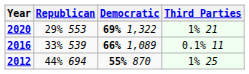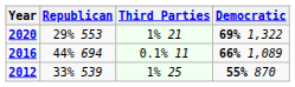 <table class="wikitable" style="float:right; font-size:95%;">
 <tr bgcolor=lightgrey>
 <th>Year</th>
 <th><a href='#'>Republican</a></th>
+<th><a href='#'>Third Parties</a></th>
 <th><a href='#'>Democratic</a></th>
-<th><a href='#'>Third Parties</a></th>
 </tr>
 <tr>
 <td style="text-align:center; "><strong><a href='#'>2020</a></strong></td>
 <td style="text-align:center; ">29% <em>553</em></td>
+<td style="text-align:center; background:honeyDew;">1% <em>21</em></td>
 <td style="text-align:center; "><strong>69%</strong> <em>1,322</em></td>
-<td style="text-align:center; background:honeyDew;">1% <em>21</em></td>
 </tr>
 <tr>
 <td style="text-align:center; "><strong><a href='#'>2016</a></strong></td>
-<td style="text-align:center; ">33% <em>539</em></td>
+<td style="text-align:center; ">44% <em>694</em></td>
+<td style="text-align:center; background:honeyDew;">0.1% <em>11</em></td>
 <td style="text-align:center; "><strong>66%</strong> <em>1,089</em></td>
-<td style="text-align:center; background:honeyDew;">0.1% <em>11</em></td>
 </tr>
 <tr>
 <td style="text-align:center; "><strong><a href='#'>2012</a></strong></td>
-<td style="text-align:center; ">44% <em>694</em></td>
+<td style="text-align:center; ">33% <em>539</em></td>
+<td style="text-align:center; background:honeyDew;">1% <em>25</em></td>
 <td style="text-align:center; "><strong>55%</strong> <em>870</em></td>
-<td style="text-align:center; background:honeyDew;">1% <em>25</em></td>
 </tr>
 </table>
